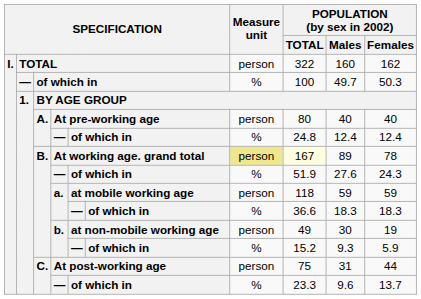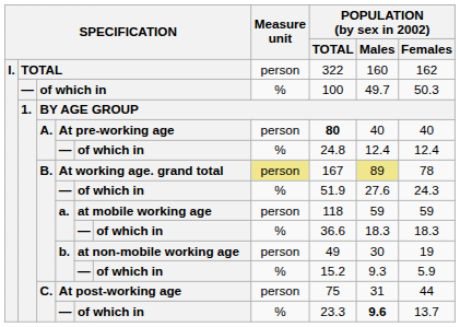 <table class="wikitable" style="font-size:85%; text-align:center">
 <tr>
 <th rowspan="2" colspan="6">SPECIFICATION</th>
 <th rowspan="2">Measure<br> unit</th>
 <th colspan="3" rowspan="1">POPULATION<br> (by sex in 2002)</th>
 </tr>
 <tr>
 <th>TOTAL</th>
 <th>Males</th>
 <th>Females</th>
 </tr>
 <tr>
 <th style="text-align:left" valign="top" rowspan="13">I.</th>
 <th style="text-align:left" colspan="5">TOTAL</th>
 <td>person</td>
 <td>322</td>
 <td>160</td>
 <td>162</td>
 </tr>
 <tr>
 <th style="text-align:left" valign="top">—</th>
 <th style="text-align:left" colspan="4">of which in</th>
 <td>%</td>
 <td>100</td>
 <td>49.7</td>
 <td>50.3</td>
 </tr>
 <tr>
 <th style="text-align:left" valign="top" rowspan="11">1.</th>
 <th style="text-align:left" colspan="19">BY AGE GROUP</th>
 </tr>
 <tr>
 <th style="text-align:left" valign="top" rowspan="2">A.</th>
 <th style="text-align:left" colspan="3">At pre-working age</th>
 <td>person</td>
-<td>80</td>
+<td><strong>80</strong></td>
 <td>40</td>
 <td>40</td>
 </tr>
 <tr>
 <th style="text-align:left" valign="top">—</th>
 <th style="text-align:left" valign="top" colspan="2">of which in</th>
 <td>%</td>
 <td>24.8</td>
 <td>12.4</td>
 <td>12.4</td>
 </tr>
 <tr>
 <th style="text-align:left" valign="top" rowspan="6">B.</th>
 <th style="text-align:left" colspan="3">At working age. grand total</th>
 <td style="background: khaki;">person</td>
-<td style="background: lightyellow;">167</td>
-<td>89</td>
+<td>167</td>
+<td style="background: khaki;">89</td>
 <td>78</td>
 </tr>
 <tr>
 <th style="text-align:left" valign="top">—</th>
 <th style="text-align:left" valign="top" colspan="2">of which in</th>
 <td>%</td>
 <td>51.9</td>
 <td>27.6</td>
 <td>24.3</td>
 </tr>
 <tr>
 <th style="text-align:left" valign="top" rowspan="2">a.</th>
 <th style="text-align:left" colspan="2">at mobile working age</th>
 <td>person</td>
 <td>118</td>
 <td>59</td>
 <td>59</td>
 </tr>
 <tr>
 <th style="text-align:left" valign="top">—</th>
 <th style="text-align:left" valign="top" colspan="1">of which in                        </th>
 <td>%</td>
 <td>36.6</td>
 <td>18.3</td>
 <td>18.3</td>
 </tr>
 <tr>
 <th style="text-align:left" valign="top" rowspan="2">b.</th>
 <th style="text-align:left" colspan="2">at non-mobile working age</th>
 <td>person</td>
 <td>49</td>
 <td>30</td>
 <td>19</td>
 </tr>
 <tr>
 <th style="text-align:left" valign="top">—</th>
 <th style="text-align:left" valign="top" colspan="1">of which in                        </th>
 <td>%</td>
 <td>15.2</td>
 <td>9.3</td>
 <td>5.9</td>
 </tr>
 <tr>
 <th style="text-align:left" valign="top" rowspan="2">C.</th>
 <th style="text-align:left" colspan="3">At post-working age</th>
 <td>person</td>
 <td>75</td>
 <td>31</td>
 <td>44</td>
 </tr>
 <tr>
 <th style="text-align:left" valign="top">—</th>
 <th style="text-align:left" valign="top" colspan="2">of which in</th>
 <td>%</td>
 <td>23.3</td>
-<td>9.6</td>
+<td><strong>9.6</strong></td>
 <td>13.7</td>
 </tr>
 </table>
